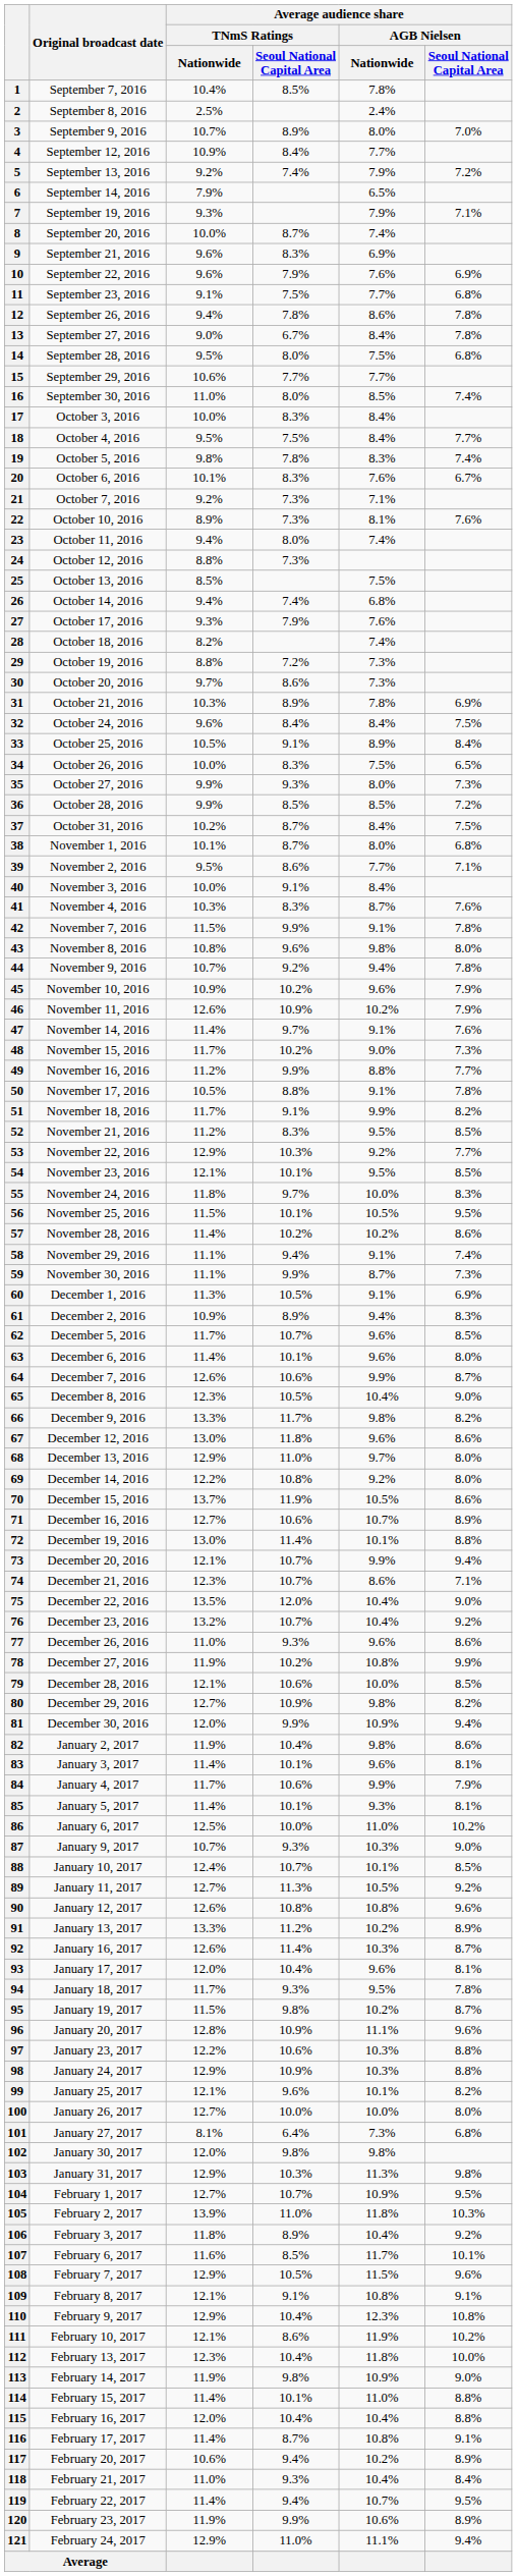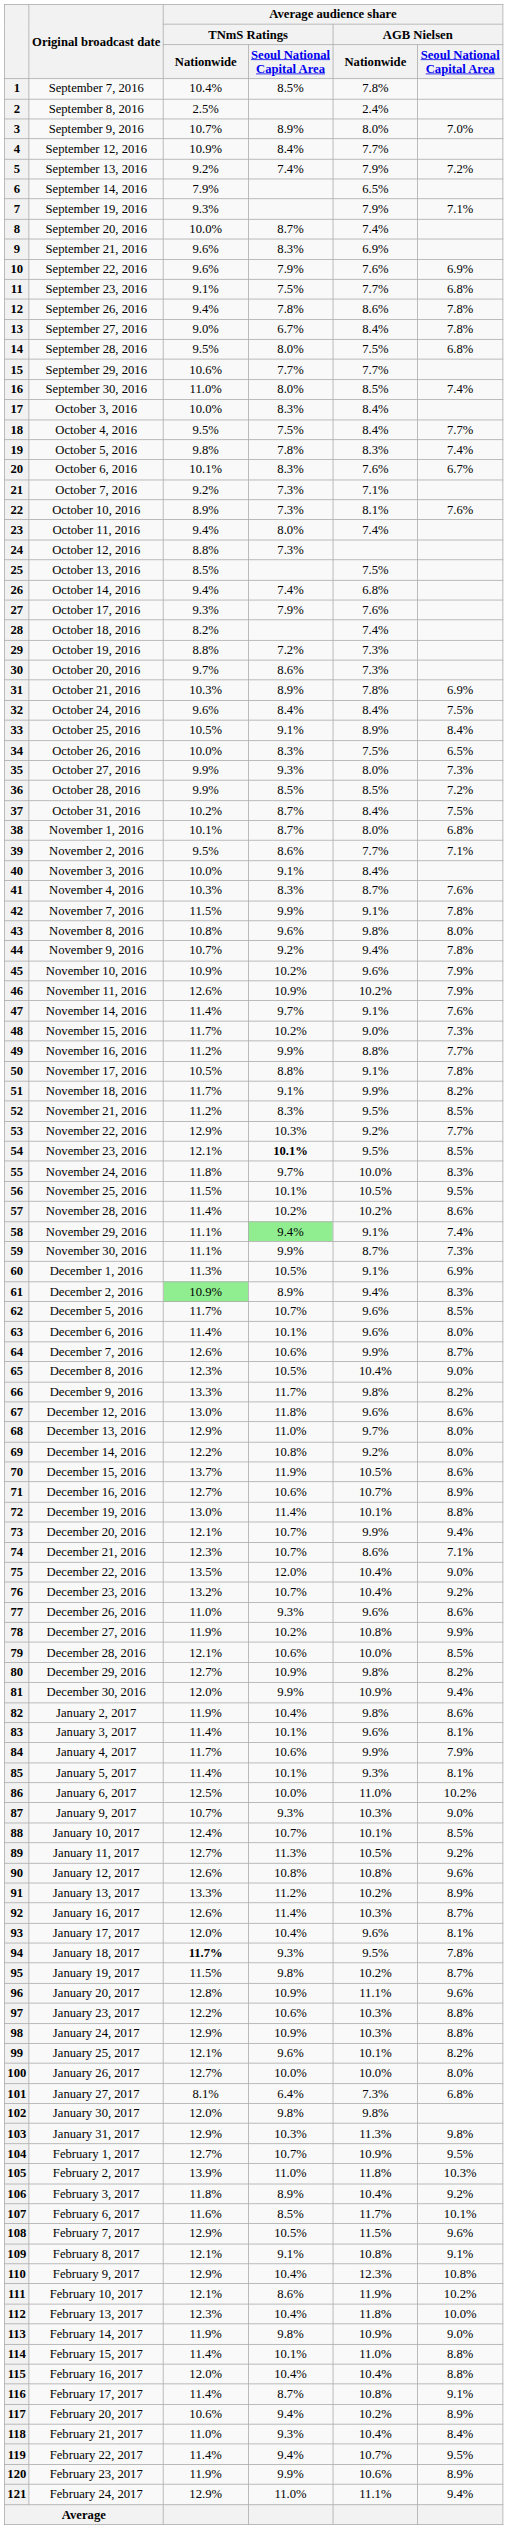 <table class="wikitable" style="text-align:center">
 <tr>
 <th rowspan="3"></th>
 <th rowspan="3">Original broadcast date</th>
 <th colspan="4">Average audience share</th>
 </tr>
 <tr>
 <th colspan="2">TNmS Ratings</th>
 <th colspan="2">AGB Nielsen</th>
 </tr>
 <tr>
 <th width=100>Nationwide</th>
 <th width=100><a href='#'>Seoul National Capital Area</a></th>
 <th width=100>Nationwide</th>
 <th width=100><a href='#'>Seoul National Capital Area</a></th>
 </tr>
 <tr>
 <th>1</th>
 <td>September 7, 2016</td>
 <td>10.4% </td>
 <td>8.5% </td>
 <td>7.8% </td>
 <td></td>
 </tr>
 <tr>
 <th>2</th>
 <td>September 8, 2016</td>
 <td>2.5% </td>
 <td></td>
 <td>2.4% </td>
 <td></td>
 </tr>
 <tr>
 <th>3</th>
 <td>September 9, 2016</td>
 <td>10.7% </td>
 <td>8.9% </td>
 <td>8.0% </td>
 <td>7.0% </td>
 </tr>
 <tr>
 <th>4</th>
 <td>September 12, 2016</td>
 <td>10.9% </td>
 <td>8.4% </td>
 <td>7.7% </td>
 <td></td>
 </tr>
 <tr>
 <th>5</th>
 <td>September 13, 2016</td>
 <td>9.2% </td>
 <td>7.4% </td>
 <td>7.9% </td>
 <td>7.2% </td>
 </tr>
 <tr>
 <th>6</th>
 <td>September 14, 2016</td>
 <td>7.9% </td>
 <td></td>
 <td>6.5% </td>
 <td></td>
 </tr>
 <tr>
 <th>7</th>
 <td>September 19, 2016</td>
 <td>9.3% </td>
 <td></td>
 <td>7.9% </td>
 <td>7.1% </td>
 </tr>
 <tr>
 <th>8</th>
 <td>September 20, 2016</td>
 <td>10.0% </td>
 <td>8.7% </td>
 <td>7.4% </td>
 <td></td>
 </tr>
 <tr>
 <th>9</th>
 <td>September 21, 2016</td>
 <td>9.6% </td>
 <td>8.3% </td>
 <td>6.9% </td>
 <td></td>
 </tr>
 <tr>
 <th>10</th>
 <td>September 22, 2016</td>
 <td>9.6% </td>
 <td>7.9% </td>
 <td>7.6% </td>
 <td>6.9% </td>
 </tr>
 <tr>
 <th>11</th>
 <td>September 23, 2016</td>
 <td>9.1% </td>
 <td>7.5% </td>
 <td>7.7% </td>
 <td>6.8% </td>
 </tr>
 <tr>
 <th>12</th>
 <td>September 26, 2016</td>
 <td>9.4% </td>
 <td>7.8% </td>
 <td>8.6% </td>
 <td>7.8% </td>
 </tr>
 <tr>
 <th>13</th>
 <td>September 27, 2016</td>
 <td>9.0% </td>
 <td>6.7% </td>
 <td>8.4% </td>
 <td>7.8% </td>
 </tr>
 <tr>
 <th>14</th>
 <td>September 28, 2016</td>
 <td>9.5% </td>
 <td>8.0% </td>
 <td>7.5% </td>
 <td>6.8% </td>
 </tr>
 <tr>
 <th>15</th>
 <td>September 29, 2016</td>
 <td>10.6% </td>
 <td>7.7% </td>
 <td>7.7% </td>
 <td></td>
 </tr>
 <tr>
 <th>16</th>
 <td>September 30, 2016</td>
 <td>11.0% </td>
 <td>8.0% </td>
 <td>8.5% </td>
 <td>7.4% </td>
 </tr>
 <tr>
 <th>17</th>
 <td>October 3, 2016</td>
 <td>10.0% </td>
 <td>8.3% </td>
 <td>8.4% </td>
 <td></td>
 </tr>
 <tr>
 <th>18</th>
 <td>October 4, 2016</td>
 <td>9.5% </td>
 <td>7.5% </td>
 <td>8.4% </td>
 <td>7.7% </td>
 </tr>
 <tr>
 <th>19</th>
 <td>October 5, 2016</td>
 <td>9.8% </td>
 <td>7.8% </td>
 <td>8.3% </td>
 <td>7.4% </td>
 </tr>
 <tr>
 <th>20</th>
 <td>October 6, 2016</td>
 <td>10.1% </td>
 <td>8.3% </td>
 <td>7.6% </td>
 <td>6.7% </td>
 </tr>
 <tr>
 <th>21</th>
 <td>October 7, 2016</td>
 <td>9.2% </td>
 <td>7.3% </td>
 <td>7.1% </td>
 <td></td>
 </tr>
 <tr>
 <th>22</th>
 <td>October 10, 2016</td>
 <td>8.9% </td>
 <td>7.3% </td>
 <td>8.1% </td>
 <td>7.6% </td>
 </tr>
 <tr>
 <th>23</th>
 <td>October 11, 2016</td>
 <td>9.4% </td>
 <td>8.0% </td>
 <td>7.4% </td>
 <td></td>
 </tr>
 <tr>
 <th>24</th>
 <td>October 12, 2016</td>
 <td>8.8% </td>
 <td>7.3% </td>
 <td></td>
 <td></td>
 </tr>
 <tr>
 <th>25</th>
 <td>October 13, 2016</td>
 <td>8.5% </td>
 <td></td>
 <td>7.5% </td>
 <td></td>
 </tr>
 <tr>
 <th>26</th>
 <td>October 14, 2016</td>
 <td>9.4% </td>
 <td>7.4% </td>
 <td>6.8% </td>
 <td></td>
 </tr>
 <tr>
 <th>27</th>
 <td>October 17, 2016</td>
 <td>9.3% </td>
 <td>7.9% </td>
 <td>7.6% </td>
 <td></td>
 </tr>
 <tr>
 <th>28</th>
 <td>October 18, 2016</td>
 <td>8.2% </td>
 <td></td>
 <td>7.4% </td>
 <td></td>
 </tr>
 <tr>
 <th>29</th>
 <td>October 19, 2016</td>
 <td>8.8% </td>
 <td>7.2% </td>
 <td>7.3% </td>
 <td></td>
 </tr>
 <tr>
 <th>30</th>
 <td>October 20, 2016</td>
 <td>9.7% </td>
 <td>8.6% </td>
 <td>7.3% </td>
 <td></td>
 </tr>
 <tr>
 <th>31</th>
 <td>October 21, 2016</td>
 <td>10.3% </td>
 <td>8.9% </td>
 <td>7.8% </td>
 <td>6.9% </td>
 </tr>
 <tr>
 <th>32</th>
 <td>October 24, 2016</td>
 <td>9.6% </td>
 <td>8.4% </td>
 <td>8.4% </td>
 <td>7.5% </td>
 </tr>
 <tr>
 <th>33</th>
 <td>October 25, 2016</td>
 <td>10.5% </td>
 <td>9.1% </td>
 <td>8.9% </td>
 <td>8.4% </td>
 </tr>
 <tr>
 <th>34</th>
 <td>October 26, 2016</td>
 <td>10.0% </td>
 <td>8.3% </td>
 <td>7.5% </td>
 <td>6.5% </td>
 </tr>
 <tr>
 <th>35</th>
 <td>October 27, 2016</td>
 <td>9.9% </td>
 <td>9.3% </td>
 <td>8.0% </td>
 <td>7.3% </td>
 </tr>
 <tr>
 <th>36</th>
 <td>October 28, 2016</td>
 <td>9.9% </td>
 <td>8.5% </td>
 <td>8.5% </td>
 <td>7.2% </td>
 </tr>
 <tr>
 <th>37</th>
 <td>October 31, 2016</td>
 <td>10.2% </td>
 <td>8.7% </td>
 <td>8.4% </td>
 <td>7.5% </td>
 </tr>
 <tr>
 <th>38</th>
 <td>November 1, 2016</td>
 <td>10.1% </td>
 <td>8.7% </td>
 <td>8.0% </td>
 <td>6.8% </td>
 </tr>
 <tr>
 <th>39</th>
 <td>November 2, 2016</td>
 <td>9.5% </td>
 <td>8.6% </td>
 <td>7.7% </td>
 <td>7.1% </td>
 </tr>
 <tr>
 <th>40</th>
 <td>November 3, 2016</td>
 <td>10.0% </td>
 <td>9.1% </td>
 <td>8.4% </td>
 <td></td>
 </tr>
 <tr>
 <th>41</th>
 <td>November 4, 2016</td>
 <td>10.3% </td>
 <td>8.3% </td>
 <td>8.7% </td>
 <td>7.6% </td>
 </tr>
 <tr>
 <th>42</th>
 <td>November 7, 2016</td>
 <td>11.5% </td>
 <td>9.9% </td>
 <td>9.1% </td>
 <td>7.8% </td>
 </tr>
 <tr>
 <th>43</th>
 <td>November 8, 2016</td>
 <td>10.8% </td>
 <td>9.6% </td>
 <td>9.8% </td>
 <td>8.0% </td>
 </tr>
 <tr>
 <th>44</th>
 <td>November 9, 2016</td>
 <td>10.7% </td>
 <td>9.2% </td>
 <td>9.4% </td>
 <td>7.8% </td>
 </tr>
 <tr>
 <th>45</th>
 <td>November 10, 2016</td>
 <td>10.9% </td>
 <td>10.2% </td>
 <td>9.6% </td>
 <td>7.9% </td>
 </tr>
 <tr>
 <th>46</th>
 <td>November 11, 2016</td>
 <td>12.6% </td>
 <td>10.9% </td>
 <td>10.2% </td>
 <td>7.9% </td>
 </tr>
 <tr>
 <th>47</th>
 <td>November 14, 2016</td>
 <td>11.4% </td>
 <td>9.7% </td>
 <td>9.1% </td>
 <td>7.6% </td>
 </tr>
 <tr>
 <th>48</th>
 <td>November 15, 2016</td>
 <td>11.7% </td>
 <td>10.2% </td>
 <td>9.0% </td>
 <td>7.3% </td>
 </tr>
 <tr>
 <th>49</th>
 <td>November 16, 2016</td>
 <td>11.2% </td>
 <td>9.9% </td>
 <td>8.8% </td>
 <td>7.7% </td>
 </tr>
 <tr>
 <th>50</th>
 <td>November 17, 2016</td>
 <td>10.5% </td>
 <td>8.8% </td>
 <td>9.1% </td>
 <td>7.8% </td>
 </tr>
 <tr>
 <th>51</th>
 <td>November 18, 2016</td>
 <td>11.7% </td>
 <td>9.1% </td>
 <td>9.9% </td>
 <td>8.2% </td>
 </tr>
 <tr>
 <th>52</th>
 <td>November 21, 2016</td>
 <td>11.2% </td>
 <td>8.3% </td>
 <td>9.5% </td>
 <td>8.5% </td>
 </tr>
 <tr>
 <th>53</th>
 <td>November 22, 2016</td>
 <td>12.9% </td>
 <td>10.3% </td>
 <td>9.2% </td>
 <td>7.7% </td>
 </tr>
 <tr>
 <th>54</th>
 <td>November 23, 2016</td>
 <td>12.1% </td>
-<td>10.1% </td>
+<td><strong>10.1% </strong></td>
 <td>9.5% </td>
 <td>8.5% </td>
 </tr>
 <tr>
 <th>55</th>
 <td>November 24, 2016</td>
 <td>11.8% </td>
 <td>9.7% </td>
 <td>10.0% </td>
 <td>8.3% </td>
 </tr>
 <tr>
 <th>56</th>
 <td>November 25, 2016</td>
 <td>11.5% </td>
 <td>10.1% </td>
 <td>10.5% </td>
 <td>9.5% </td>
 </tr>
 <tr>
 <th>57</th>
 <td>November 28, 2016</td>
 <td>11.4% </td>
 <td>10.2% </td>
 <td>10.2% </td>
 <td>8.6% </td>
 </tr>
 <tr>
 <th>58</th>
 <td>November 29, 2016</td>
 <td>11.1% </td>
-<td>9.4% </td>
+<td style="background: lightgreen;">9.4% </td>
 <td>9.1% </td>
 <td>7.4% </td>
 </tr>
 <tr>
 <th>59</th>
 <td>November 30, 2016</td>
 <td>11.1% </td>
 <td>9.9% </td>
 <td>8.7% </td>
 <td>7.3% </td>
 </tr>
 <tr>
 <th>60</th>
 <td>December 1, 2016</td>
 <td>11.3% </td>
 <td>10.5% </td>
 <td>9.1% </td>
 <td>6.9% </td>
 </tr>
 <tr>
 <th>61</th>
 <td>December 2, 2016</td>
-<td>10.9% </td>
+<td style="background: lightgreen;">10.9% </td>
 <td>8.9% </td>
 <td>9.4% </td>
 <td>8.3% </td>
 </tr>
 <tr>
 <th>62</th>
 <td>December 5, 2016</td>
 <td>11.7% </td>
 <td>10.7% </td>
 <td>9.6% </td>
 <td>8.5% </td>
 </tr>
 <tr>
 <th>63</th>
 <td>December 6, 2016</td>
 <td>11.4% </td>
 <td>10.1% </td>
 <td>9.6% </td>
 <td>8.0% </td>
 </tr>
 <tr>
 <th>64</th>
 <td>December 7, 2016</td>
 <td>12.6% </td>
 <td>10.6% </td>
 <td>9.9% </td>
 <td>8.7% </td>
 </tr>
 <tr>
 <th>65</th>
 <td>December 8, 2016</td>
 <td>12.3% </td>
 <td>10.5% </td>
 <td>10.4% </td>
 <td>9.0% </td>
 </tr>
 <tr>
 <th>66</th>
 <td>December 9, 2016</td>
 <td>13.3% </td>
 <td>11.7% </td>
 <td>9.8% </td>
 <td>8.2% </td>
 </tr>
 <tr>
 <th>67</th>
 <td>December 12, 2016</td>
 <td>13.0% </td>
 <td>11.8% </td>
 <td>9.6% </td>
 <td>8.6% </td>
 </tr>
 <tr>
 <th>68</th>
 <td>December 13, 2016</td>
 <td>12.9% </td>
 <td>11.0% </td>
 <td>9.7% </td>
 <td>8.0% </td>
 </tr>
 <tr>
 <th>69</th>
 <td>December 14, 2016</td>
 <td>12.2% </td>
 <td>10.8% </td>
 <td>9.2% </td>
 <td>8.0% </td>
 </tr>
 <tr>
 <th>70</th>
 <td>December 15, 2016</td>
 <td>13.7% </td>
 <td>11.9% </td>
 <td>10.5% </td>
 <td>8.6% </td>
 </tr>
 <tr>
 <th>71</th>
 <td>December 16, 2016</td>
 <td>12.7% </td>
 <td>10.6% </td>
 <td>10.7% </td>
 <td>8.9% </td>
 </tr>
 <tr>
 <th>72</th>
 <td>December 19, 2016</td>
 <td>13.0% </td>
 <td>11.4% </td>
 <td>10.1% </td>
 <td>8.8% </td>
 </tr>
 <tr>
 <th>73</th>
 <td>December 20, 2016</td>
 <td>12.1% </td>
 <td>10.7% </td>
 <td>9.9% </td>
 <td>9.4% </td>
 </tr>
 <tr>
 <th>74</th>
 <td>December 21, 2016</td>
 <td>12.3% </td>
 <td>10.7% </td>
 <td>8.6% </td>
 <td>7.1% </td>
 </tr>
 <tr>
 <th>75</th>
 <td>December 22, 2016</td>
 <td>13.5% </td>
 <td>12.0% </td>
 <td>10.4% </td>
 <td>9.0% </td>
 </tr>
 <tr>
 <th>76</th>
 <td>December 23, 2016</td>
 <td>13.2% </td>
 <td>10.7% </td>
 <td>10.4% </td>
 <td>9.2% </td>
 </tr>
 <tr>
 <th>77</th>
 <td>December 26, 2016</td>
 <td>11.0% </td>
 <td>9.3% </td>
 <td>9.6% </td>
 <td>8.6% </td>
 </tr>
 <tr>
 <th>78</th>
 <td>December 27, 2016</td>
 <td>11.9% </td>
 <td>10.2% </td>
 <td>10.8% </td>
 <td>9.9% </td>
 </tr>
 <tr>
 <th>79</th>
 <td>December 28, 2016</td>
 <td>12.1% </td>
 <td>10.6% </td>
 <td>10.0% </td>
 <td>8.5% </td>
 </tr>
 <tr>
 <th>80</th>
 <td>December 29, 2016</td>
 <td>12.7% </td>
 <td>10.9% </td>
 <td>9.8% </td>
 <td>8.2% </td>
 </tr>
 <tr>
 <th>81</th>
 <td>December 30, 2016</td>
 <td>12.0% </td>
 <td>9.9% </td>
 <td>10.9% </td>
 <td>9.4% </td>
 </tr>
 <tr>
 <th>82</th>
 <td>January 2, 2017</td>
 <td>11.9% </td>
 <td>10.4% </td>
 <td>9.8% </td>
 <td>8.6% </td>
 </tr>
 <tr>
 <th>83</th>
 <td>January 3, 2017</td>
 <td>11.4% </td>
 <td>10.1% </td>
 <td>9.6% </td>
 <td>8.1% </td>
 </tr>
 <tr>
 <th>84</th>
 <td>January 4, 2017</td>
 <td>11.7% </td>
 <td>10.6% </td>
 <td>9.9% </td>
 <td>7.9% </td>
 </tr>
 <tr>
 <th>85</th>
 <td>January 5, 2017</td>
 <td>11.4% </td>
 <td>10.1% </td>
 <td>9.3% </td>
 <td>8.1% </td>
 </tr>
 <tr>
 <th>86</th>
 <td>January 6, 2017</td>
 <td>12.5% </td>
 <td>10.0% </td>
 <td>11.0% </td>
 <td>10.2% </td>
 </tr>
 <tr>
 <th>87</th>
 <td>January 9, 2017</td>
 <td>10.7% </td>
 <td>9.3% </td>
 <td>10.3% </td>
 <td>9.0% </td>
 </tr>
 <tr>
 <th>88</th>
 <td>January 10, 2017</td>
 <td>12.4% </td>
 <td>10.7% </td>
 <td>10.1% </td>
 <td>8.5% </td>
 </tr>
 <tr>
 <th>89</th>
 <td>January 11, 2017</td>
 <td>12.7% </td>
 <td>11.3% </td>
 <td>10.5% </td>
 <td>9.2% </td>
 </tr>
 <tr>
 <th>90</th>
 <td>January 12, 2017</td>
 <td>12.6% </td>
 <td>10.8% </td>
 <td>10.8% </td>
 <td>9.6% </td>
 </tr>
 <tr>
 <th>91</th>
 <td>January 13, 2017</td>
 <td>13.3% </td>
 <td>11.2% </td>
 <td>10.2% </td>
 <td>8.9% </td>
 </tr>
 <tr>
 <th>92</th>
 <td>January 16, 2017</td>
 <td>12.6% </td>
 <td>11.4% </td>
 <td>10.3% </td>
 <td>8.7% </td>
 </tr>
 <tr>
 <th>93</th>
 <td>January 17, 2017</td>
 <td>12.0% </td>
 <td>10.4% </td>
 <td>9.6% </td>
 <td>8.1% </td>
 </tr>
 <tr>
 <th>94</th>
 <td>January 18, 2017</td>
-<td>11.7% </td>
+<td><strong>11.7% </strong></td>
 <td>9.3% </td>
 <td>9.5% </td>
 <td>7.8% </td>
 </tr>
 <tr>
 <th>95</th>
 <td>January 19, 2017</td>
 <td>11.5% </td>
 <td>9.8% </td>
 <td>10.2% </td>
 <td>8.7% </td>
 </tr>
 <tr>
 <th>96</th>
 <td>January 20, 2017</td>
 <td>12.8% </td>
 <td>10.9% </td>
 <td>11.1% </td>
 <td>9.6% </td>
 </tr>
 <tr>
 <th>97</th>
 <td>January 23, 2017</td>
 <td>12.2% </td>
 <td>10.6% </td>
 <td>10.3% </td>
 <td>8.8% </td>
 </tr>
 <tr>
 <th>98</th>
 <td>January 24, 2017</td>
 <td>12.9% </td>
 <td>10.9% </td>
 <td>10.3% </td>
 <td>8.8% </td>
 </tr>
 <tr>
 <th>99</th>
 <td>January 25, 2017</td>
 <td>12.1% </td>
 <td>9.6% </td>
 <td>10.1% </td>
 <td>8.2% </td>
 </tr>
 <tr>
 <th>100</th>
 <td>January 26, 2017</td>
 <td>12.7% </td>
 <td>10.0% </td>
 <td>10.0% </td>
 <td>8.0% </td>
 </tr>
 <tr>
 <th>101</th>
 <td>January 27, 2017</td>
 <td>8.1% </td>
 <td>6.4% </td>
 <td>7.3% </td>
 <td>6.8% </td>
 </tr>
 <tr>
 <th>102</th>
 <td>January 30, 2017</td>
 <td>12.0% </td>
 <td>9.8% </td>
 <td>9.8% </td>
 <td></td>
 </tr>
 <tr>
 <th>103</th>
 <td>January 31, 2017</td>
 <td>12.9% </td>
 <td>10.3% </td>
 <td>11.3% </td>
 <td>9.8% </td>
 </tr>
 <tr>
 <th>104</th>
 <td>February 1, 2017</td>
 <td>12.7% </td>
 <td>10.7% </td>
 <td>10.9% </td>
 <td>9.5% </td>
 </tr>
 <tr>
 <th>105</th>
 <td>February 2, 2017</td>
 <td>13.9% </td>
 <td>11.0% </td>
 <td>11.8% </td>
 <td>10.3% </td>
 </tr>
 <tr>
 <th>106</th>
 <td>February 3, 2017</td>
 <td>11.8% </td>
 <td>8.9% </td>
 <td>10.4% </td>
 <td>9.2% </td>
 </tr>
 <tr>
 <th>107</th>
 <td>February 6, 2017</td>
 <td>11.6% </td>
 <td>8.5% </td>
 <td>11.7% </td>
 <td>10.1% </td>
 </tr>
 <tr>
 <th>108</th>
 <td>February 7, 2017</td>
 <td>12.9% </td>
 <td>10.5% </td>
 <td>11.5% </td>
 <td>9.6% </td>
 </tr>
 <tr>
 <th>109</th>
 <td>February 8, 2017</td>
 <td>12.1% </td>
 <td>9.1% </td>
 <td>10.8% </td>
 <td>9.1% </td>
 </tr>
 <tr>
 <th>110</th>
 <td>February 9, 2017</td>
 <td>12.9% </td>
 <td>10.4% </td>
 <td>12.3% </td>
 <td>10.8% </td>
 </tr>
 <tr>
 <th>111</th>
 <td>February 10, 2017</td>
 <td>12.1% </td>
 <td>8.6% </td>
 <td>11.9% </td>
 <td>10.2% </td>
 </tr>
 <tr>
 <th>112</th>
 <td>February 13, 2017</td>
 <td>12.3% </td>
 <td>10.4% </td>
 <td>11.8% </td>
 <td>10.0% </td>
 </tr>
 <tr>
 <th>113</th>
 <td>February 14, 2017</td>
 <td>11.9% </td>
 <td>9.8% </td>
 <td>10.9% </td>
 <td>9.0% </td>
 </tr>
 <tr>
 <th>114</th>
 <td>February 15, 2017</td>
 <td>11.4% </td>
 <td>10.1% </td>
 <td>11.0% </td>
 <td>8.8% </td>
 </tr>
 <tr>
 <th>115</th>
 <td>February 16, 2017</td>
 <td>12.0% </td>
 <td>10.4% </td>
 <td>10.4% </td>
 <td>8.8% </td>
 </tr>
 <tr>
 <th>116</th>
 <td>February 17, 2017</td>
 <td>11.4% </td>
 <td>8.7% </td>
 <td>10.8% </td>
 <td>9.1% </td>
 </tr>
 <tr>
 <th>117</th>
 <td>February 20, 2017</td>
 <td>10.6% </td>
 <td>9.4% </td>
 <td>10.2% </td>
 <td>8.9% </td>
 </tr>
 <tr>
 <th>118</th>
 <td>February 21, 2017</td>
 <td>11.0% </td>
 <td>9.3% </td>
 <td>10.4% </td>
 <td>8.4% </td>
 </tr>
 <tr>
 <th>119</th>
 <td>February 22, 2017</td>
 <td>11.4% </td>
 <td>9.4% </td>
 <td>10.7% </td>
 <td>9.5% </td>
 </tr>
 <tr>
 <th>120</th>
 <td>February 23, 2017</td>
 <td>11.9% </td>
 <td>9.9% </td>
 <td>10.6% </td>
 <td>8.9% </td>
 </tr>
 <tr>
 <th>121</th>
 <td>February 24, 2017</td>
 <td>12.9% </td>
 <td>11.0% </td>
 <td>11.1% </td>
 <td>9.4% </td>
 </tr>
 <tr>
 <th colspan="2">Average</th>
 <th></th>
 <th></th>
 <th></th>
 <th></th>
 </tr>
 </table>
